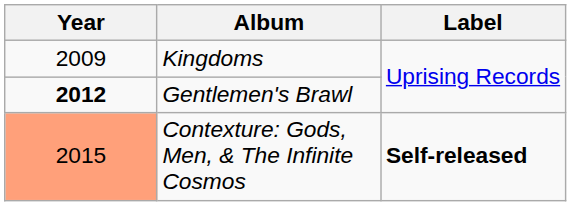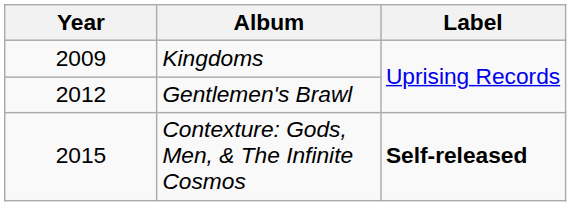 <table class="wikitable">
 <tr>
 <th style="width:100px; text-align:center;">Year</th>
 <th style="width:150px; text-align:center;">Album</th>
 <th>Label</th>
 </tr>
 <tr>
 <td style="text-align:center;">2009</td>
 <td><em>Kingdoms</em></td>
 <td rowspan="2"><a href='#'>Uprising Records</a></td>
 </tr>
 <tr>
-<td style="text-align:center;"><strong>2012</strong></td>
+<td style="text-align:center;">2012</td>
 <td><em>Gentlemen's Brawl</em></td>
 </tr>
 <tr>
-<td style="background: lightsalmon; text-align:center;">2015</td>
+<td style="text-align:center;">2015</td>
 <td><em>Contexture: Gods, Men, & The Infinite Cosmos</em></td>
 <td><strong>Self-released</strong></td>
 </tr>
 </table>
